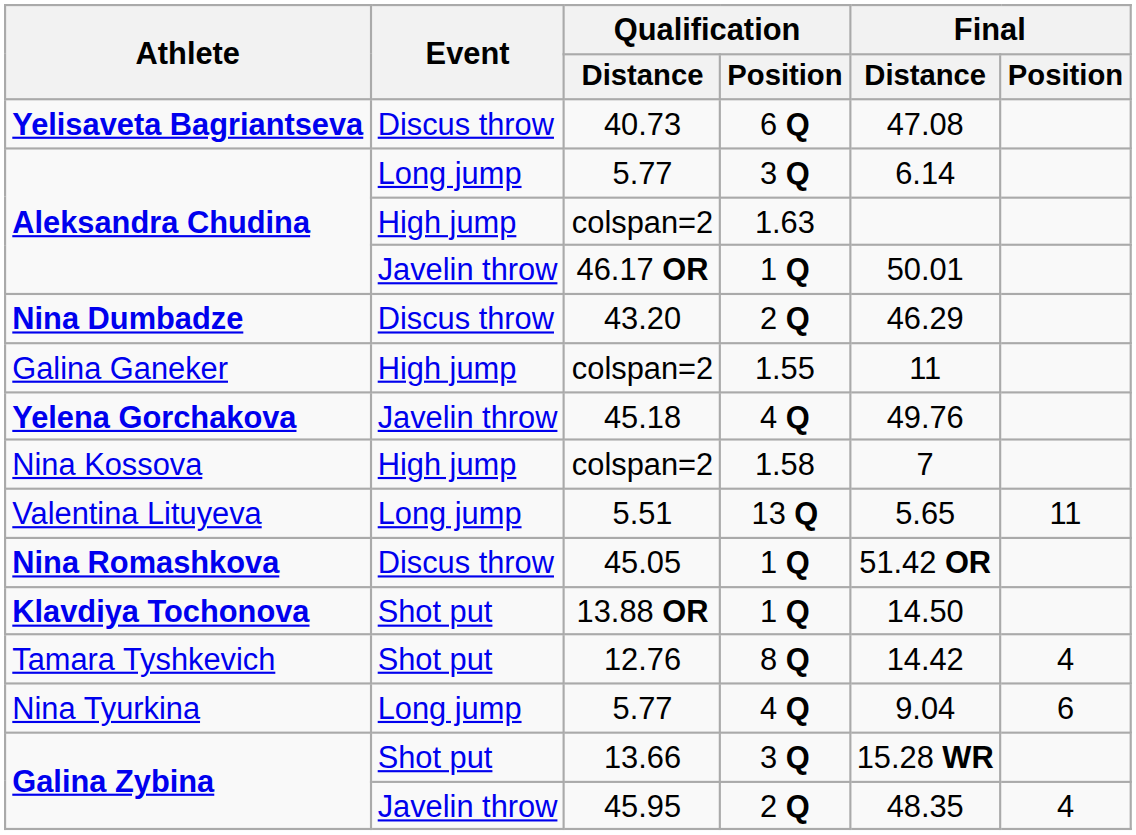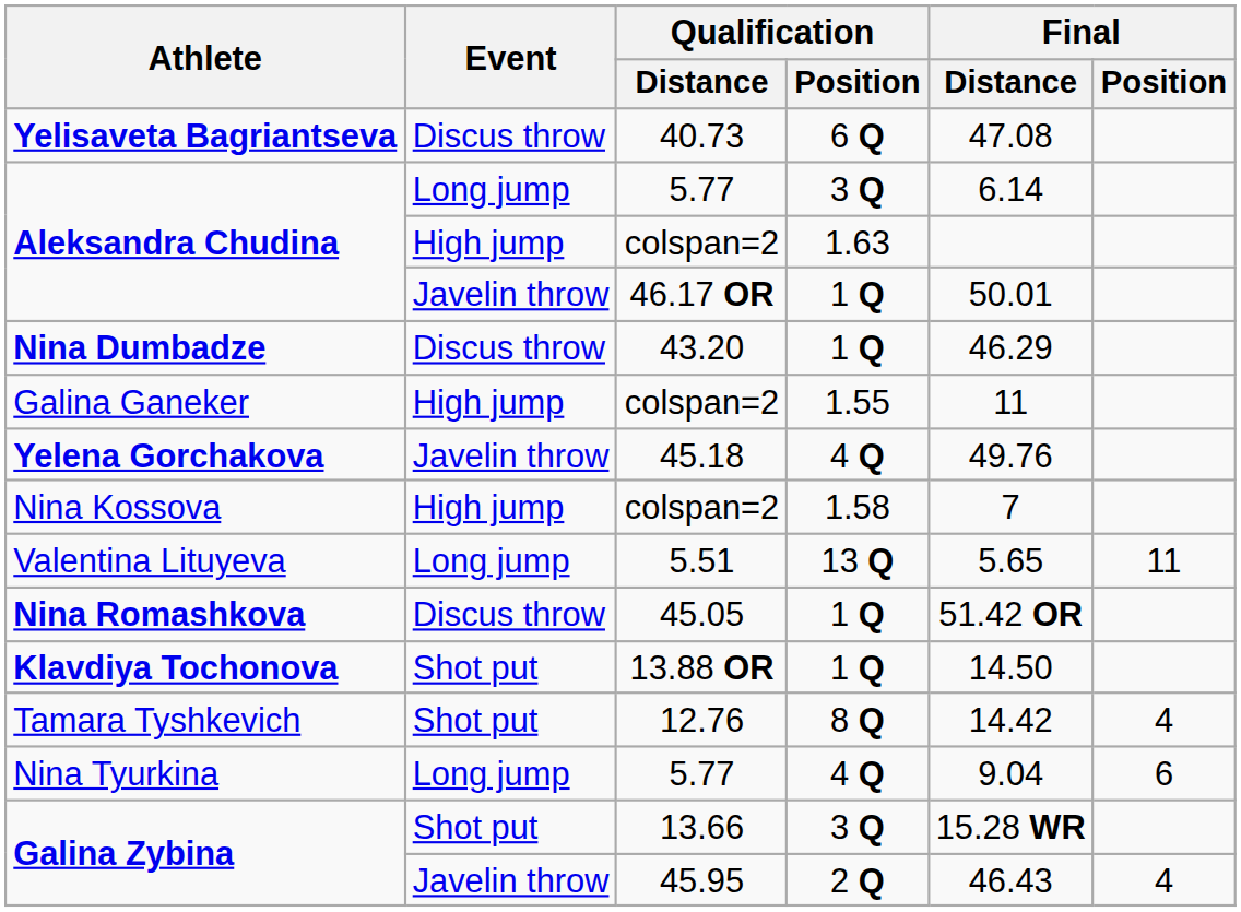 <table class=wikitable style="font-size:90%">
 <tr>
 <th rowspan="2">Athlete</th>
 <th rowspan="2">Event</th>
 <th colspan="2">Qualification</th>
 <th colspan="2">Final</th>
 </tr>
 <tr style="font-size:95%">
 <th>Distance</th>
 <th>Position</th>
 <th>Distance</th>
 <th>Position</th>
 </tr>
 <tr align=center>
 <td align=left><strong><a href='#'>Yelisaveta Bagriantseva</a></strong></td>
 <td align=left><a href='#'>Discus throw</a></td>
 <td>40.73</td>
 <td>6 <strong>Q</strong></td>
 <td>47.08</td>
 <td></td>
 </tr>
 <tr align=center>
 <td align=left rowspan=3><strong><a href='#'>Aleksandra Chudina</a></strong></td>
 <td align=left><a href='#'>Long jump</a></td>
 <td>5.77</td>
 <td>3 <strong>Q</strong></td>
 <td>6.14</td>
 <td></td>
 </tr>
 <tr align=center>
 <td align=left><a href='#'>High jump</a></td>
 <td>colspan=2 </td>
 <td>1.63</td>
 <td></td>
 </tr>
 <tr align=center>
 <td align=left><a href='#'>Javelin throw</a></td>
 <td>46.17 <strong>OR</strong></td>
 <td>1 <strong>Q</strong></td>
 <td>50.01</td>
 <td></td>
 </tr>
 <tr align=center>
 <td align=left><strong><a href='#'>Nina Dumbadze</a></strong></td>
 <td align=left><a href='#'>Discus throw</a></td>
 <td>43.20</td>
-<td>2 <strong>Q</strong></td>
+<td>1 <strong>Q</strong></td>
 <td>46.29</td>
 <td></td>
 </tr>
 <tr align=center>
 <td align=left><a href='#'>Galina Ganeker</a></td>
 <td align=left><a href='#'>High jump</a></td>
 <td>colspan=2 </td>
 <td>1.55</td>
 <td>11</td>
 </tr>
 <tr align=center>
 <td align=left><strong><a href='#'>Yelena Gorchakova</a></strong></td>
 <td align=left><a href='#'>Javelin throw</a></td>
 <td>45.18</td>
 <td>4 <strong>Q</strong></td>
 <td>49.76</td>
 <td></td>
 </tr>
 <tr align=center>
 <td align=left><a href='#'>Nina Kossova</a></td>
 <td align=left><a href='#'>High jump</a></td>
 <td>colspan=2 </td>
 <td>1.58</td>
 <td>7</td>
 </tr>
 <tr align=center>
 <td align=left><a href='#'>Valentina Lituyeva</a></td>
 <td align=left><a href='#'>Long jump</a></td>
 <td>5.51</td>
 <td>13 <strong>Q</strong></td>
 <td>5.65</td>
 <td>11</td>
 </tr>
 <tr align=center>
 <td align=left><strong><a href='#'>Nina Romashkova</a></strong></td>
 <td align=left><a href='#'>Discus throw</a></td>
 <td>45.05</td>
 <td>1 <strong>Q</strong></td>
 <td>51.42 <strong>OR</strong></td>
 <td></td>
 </tr>
 <tr align=center>
 <td align=left><strong><a href='#'>Klavdiya Tochonova</a></strong></td>
 <td align=left><a href='#'>Shot put</a></td>
 <td>13.88 <strong>OR</strong></td>
 <td>1 <strong>Q</strong></td>
 <td>14.50</td>
 <td></td>
 </tr>
 <tr align=center>
 <td align=left><a href='#'>Tamara Tyshkevich</a></td>
 <td align=left><a href='#'>Shot put</a></td>
 <td>12.76</td>
 <td>8 <strong>Q</strong></td>
 <td>14.42</td>
 <td>4</td>
 </tr>
 <tr align=center>
 <td align=left><a href='#'>Nina Tyurkina</a></td>
 <td align=left><a href='#'>Long jump</a></td>
 <td>5.77</td>
 <td>4 <strong>Q</strong></td>
 <td>9.04</td>
 <td>6</td>
 </tr>
 <tr align=center>
 <td align=left rowspan=2><strong><a href='#'>Galina Zybina</a></strong></td>
 <td align=left><a href='#'>Shot put</a></td>
 <td>13.66</td>
 <td>3 <strong>Q</strong></td>
 <td>15.28 <strong>WR</strong></td>
 <td></td>
 </tr>
 <tr align=center>
 <td align=left><a href='#'>Javelin throw</a></td>
 <td>45.95</td>
 <td>2 <strong>Q</strong></td>
-<td>48.35</td>
+<td>46.43</td>
 <td>4</td>
 </tr>
 </table>
